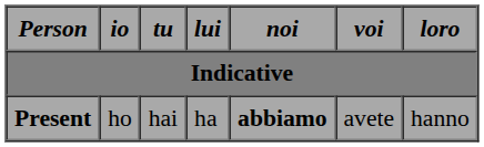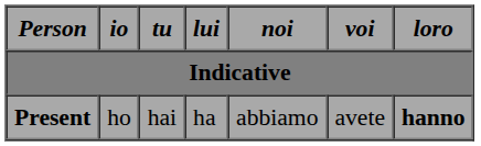 <table border="1" cellpadding="4" cellspacing="0" style="background: darkgray; font-size: 90%;">
 <tr>
 <th><em>Person</em></th>
 <th><em>io</em></th>
 <th><em>tu</em></th>
 <th><em>lui</em></th>
 <th><em>noi</em></th>
 <th><em>voi</em></th>
 <th><em>loro</em></th>
 </tr>
 <tr>
 <th style="background:gray" colspan="7">Indicative</th>
 </tr>
 <tr>
 <td><strong>Present</strong></td>
 <td>ho</td>
 <td>hai</td>
 <td>ha</td>
-<td><strong>abbiamo</strong></td>
+<td>abbiamo</td>
 <td>avete</td>
-<td>hanno</td>
+<td><strong>hanno</strong></td>
 </tr>
 <tr>
 </tr>
 </table>
